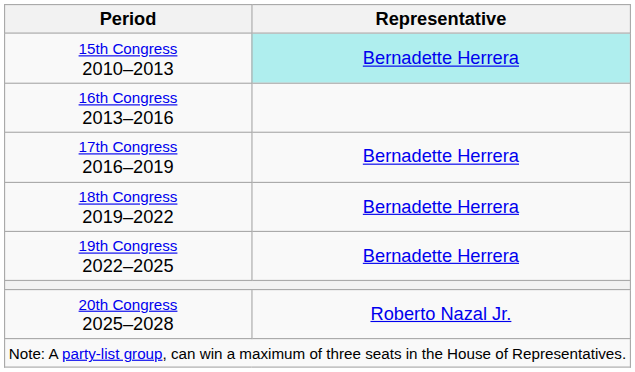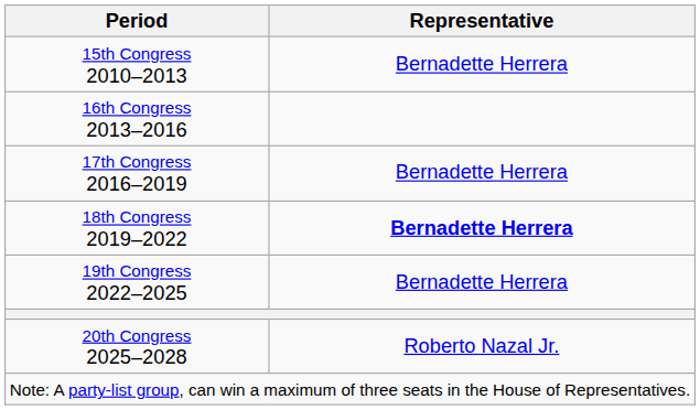 <table class="wikitable"; style="text-align:center">
 <tr>
 <th>Period</th>
 <th>Representative</th>
 </tr>
 <tr>
 <td><small><a href='#'>15th Congress</a></small><br>2010–2013</td>
-<td style="background: paleturquoise;"><a href='#'>Bernadette Herrera</a></td>
+<td><a href='#'>Bernadette Herrera</a></td>
 </tr>
 <tr>
 <td><small><a href='#'>16th Congress</a></small><br>2013–2016</td>
 <td></td>
 </tr>
 <tr>
 <td><small><a href='#'>17th Congress</a></small><br>2016–2019</td>
 <td><a href='#'>Bernadette Herrera</a></td>
 </tr>
 <tr>
 <td><small><a href='#'>18th Congress</a></small><br>2019–2022</td>
-<td><a href='#'>Bernadette Herrera</a></td>
+<td><strong><a href='#'>Bernadette Herrera</a></strong></td>
 </tr>
 <tr>
 <td><small><a href='#'>19th Congress</a></small><br>2022–2025</td>
 <td><a href='#'>Bernadette Herrera</a></td>
 </tr>
 <tr>
 <th colspan=2></th>
 </tr>
 <tr>
 <td><small><a href='#'>20th Congress</a></small><br>2025–2028<br></td>
 <td><a href='#'>Roberto Nazal Jr.</a></td>
 </tr>
 <tr>
 <td colspan=2><small>Note: A <a href='#'>party-list group</a>, can win a maximum of three seats in the House of Representatives.</small></td>
 </tr>
 </table>
